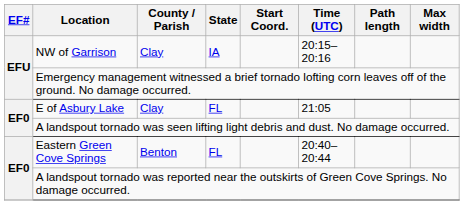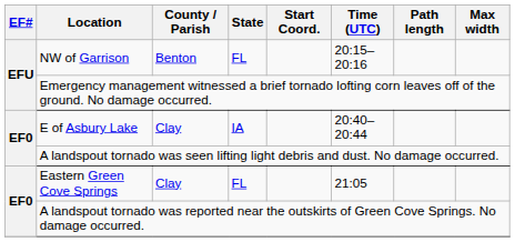 <table class="wikitable sortable" style="width:100%;">
 <tr>
 <th scope="col" width="2%" align="center"><a href='#'>EF#</a></th>
 <th scope="col" align="center" class="unsortable">Location</th>
 <th scope="col" align="center" class="unsortable">County / Parish</th>
 <th scope="col" align="center">State</th>
 <th scope="col" align="center">Start Coord.</th>
 <th scope="col" align="center">Time (<a href='#'>UTC</a>)</th>
 <th scope="col" align="center">Path length</th>
 <th scope="col" align="center">Max width</th>
 </tr>
 <tr>
 <th scope="row" rowspan="2" style="background-color:#">EFU</th>
 <td>NW of <a href='#'>Garrison</a></td>
-<td><a href='#'>Clay</a></td>
-<td><a href='#'>IA</a></td>
+<td><a href='#'>Benton</a></td>
+<td><a href='#'>FL</a></td>
 <td></td>
 <td>20:15–20:16</td>
 <td></td>
 <td></td>
 </tr>
 <tr class="expand-child">
 <td colspan="8" style=" border-bottom: 1px solid black;">Emergency management witnessed a brief tornado lofting corn leaves off of the ground. No damage occurred.</td>
 </tr>
 <tr>
 <th scope="row" rowspan="2" style="background-color:#">EF0</th>
 <td>E of <a href='#'>Asbury Lake</a></td>
 <td><a href='#'>Clay</a></td>
-<td><a href='#'>FL</a></td>
+<td><a href='#'>IA</a></td>
 <td></td>
-<td>21:05</td>
+<td>20:40–20:44</td>
 <td></td>
 <td></td>
 </tr>
 <tr class="expand-child">
 <td colspan="8" style=" border-bottom: 1px solid black;">A landspout tornado was seen lifting light debris and dust. No damage occurred.</td>
 </tr>
 <tr>
 <th scope="row" rowspan="2" style="background-color:#">EF0</th>
 <td>Eastern <a href='#'>Green Cove Springs</a></td>
-<td><a href='#'>Benton</a></td>
+<td><a href='#'>Clay</a></td>
 <td><a href='#'>FL</a></td>
 <td></td>
-<td>20:40–20:44</td>
+<td>21:05</td>
 <td></td>
 <td></td>
 </tr>
 <tr class="expand-child">
 <td colspan="8" style=" border-bottom: 1px solid black;">A landspout tornado was reported near the outskirts of Green Cove Springs. No damage occurred.</td>
 </tr>
 <tr>
 </tr>
 </table>
